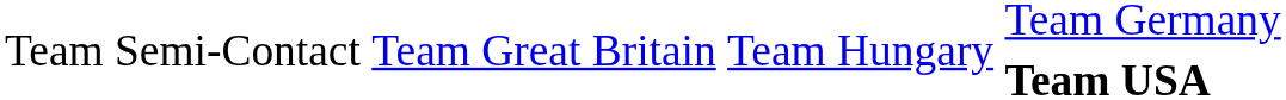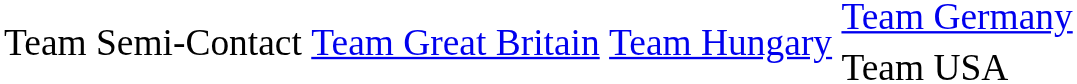 <table>
 <tr>
 <td rowspan=2>Team Semi-Contact<br></td>
 <td rowspan=2><a href='#'>Team Great Britain</a> </td>
 <td rowspan=2><a href='#'>Team Hungary</a> </td>
 <td><a href='#'>Team Germany</a> </td>
 </tr>
 <tr>
-<td><strong>Team USA </strong></td>
+<td>Team USA </td>
 </tr>
 <tr>
 </tr>
 </table>
